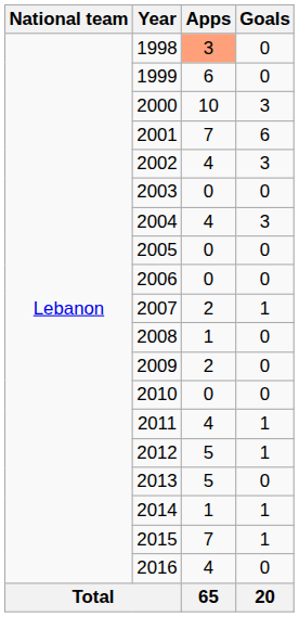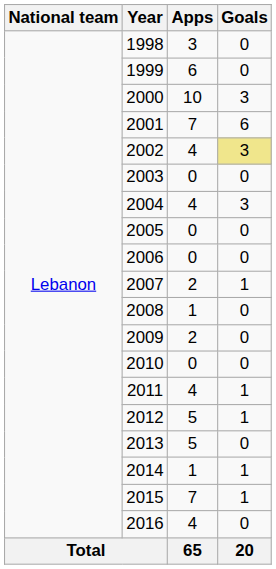 <table class="wikitable" style="text-align:center">
 <tr>
 <th>National team</th>
 <th>Year</th>
 <th>Apps</th>
 <th>Goals</th>
 </tr>
 <tr>
 <td rowspan="19"><a href='#'>Lebanon</a></td>
 <td>1998</td>
-<td style="background: lightsalmon;">3</td>
+<td>3</td>
 <td>0</td>
 </tr>
 <tr>
 <td>1999</td>
 <td>6</td>
 <td>0</td>
 </tr>
 <tr>
 <td>2000</td>
 <td>10</td>
 <td>3</td>
 </tr>
 <tr>
 <td>2001</td>
 <td>7</td>
 <td>6</td>
 </tr>
 <tr>
 <td>2002</td>
 <td>4</td>
-<td>3</td>
+<td style="background: khaki;">3</td>
 </tr>
 <tr>
 <td>2003</td>
 <td>0</td>
 <td>0</td>
 </tr>
 <tr>
 <td>2004</td>
 <td>4</td>
 <td>3</td>
 </tr>
 <tr>
 <td>2005</td>
 <td>0</td>
 <td>0</td>
 </tr>
 <tr>
 <td>2006</td>
 <td>0</td>
 <td>0</td>
 </tr>
 <tr>
 <td>2007</td>
 <td>2</td>
 <td>1</td>
 </tr>
 <tr>
 <td>2008</td>
 <td>1</td>
 <td>0</td>
 </tr>
 <tr>
 <td>2009</td>
 <td>2</td>
 <td>0</td>
 </tr>
 <tr>
 <td>2010</td>
 <td>0</td>
 <td>0</td>
 </tr>
 <tr>
 <td>2011</td>
 <td>4</td>
 <td>1</td>
 </tr>
 <tr>
 <td>2012</td>
 <td>5</td>
 <td>1</td>
 </tr>
 <tr>
 <td>2013</td>
 <td>5</td>
 <td>0</td>
 </tr>
 <tr>
 <td>2014</td>
 <td>1</td>
 <td>1</td>
 </tr>
 <tr>
 <td>2015</td>
 <td>7</td>
 <td>1</td>
 </tr>
 <tr>
 <td>2016</td>
 <td>4</td>
 <td>0</td>
 </tr>
 <tr>
 <th colspan="2">Total</th>
 <th>65</th>
 <th>20</th>
 </tr>
 </table>
